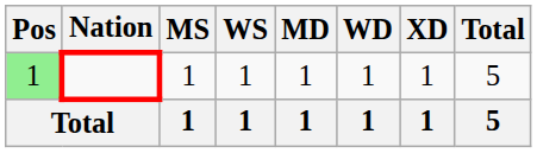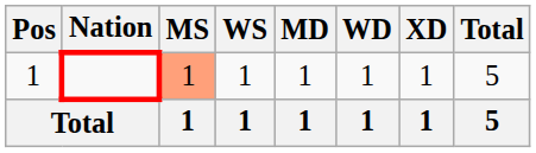 <table class="wikitable" style="text-align:center">
 <tr>
 <th>Pos</th>
 <th>Nation</th>
 <th>MS</th>
 <th>WS</th>
 <th>MD</th>
 <th>WD</th>
 <th>XD</th>
 <th>Total</th>
 </tr>
 <tr>
-<td style="background: lightgreen;">1</td>
+<td>1</td>
 <td align="left" style="border: 3px solid red"></td>
-<td>1</td>
+<td style="background: lightsalmon;">1</td>
 <td>1</td>
 <td>1</td>
 <td>1</td>
 <td>1</td>
 <td>5</td>
 </tr>
 <tr>
 <th colspan="2">Total</th>
 <th>1</th>
 <th>1</th>
 <th>1</th>
 <th>1</th>
 <th>1</th>
 <th>5</th>
 </tr>
 </table>
